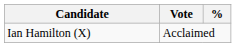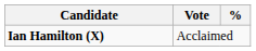 <table class="wikitable">
 <tr>
 <th bgcolor="#DDDDFF" width="200px">Candidate</th>
 <th bgcolor="#DDDDFF" width="50px">Vote</th>
 <th bgcolor="#DDDDFF" width="30px">%</th>
 </tr>
 <tr>
-<td>Ian Hamilton (X)</td>
+<td><strong>Ian Hamilton (X)</strong></td>
 <td colspan="2">Acclaimed</td>
 </tr>
 </table>
